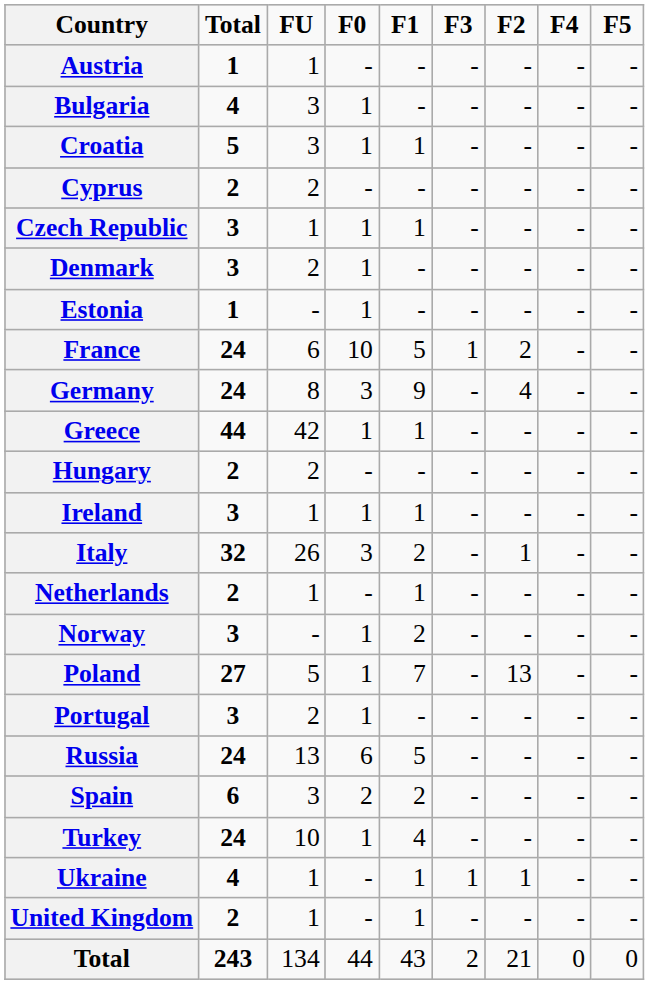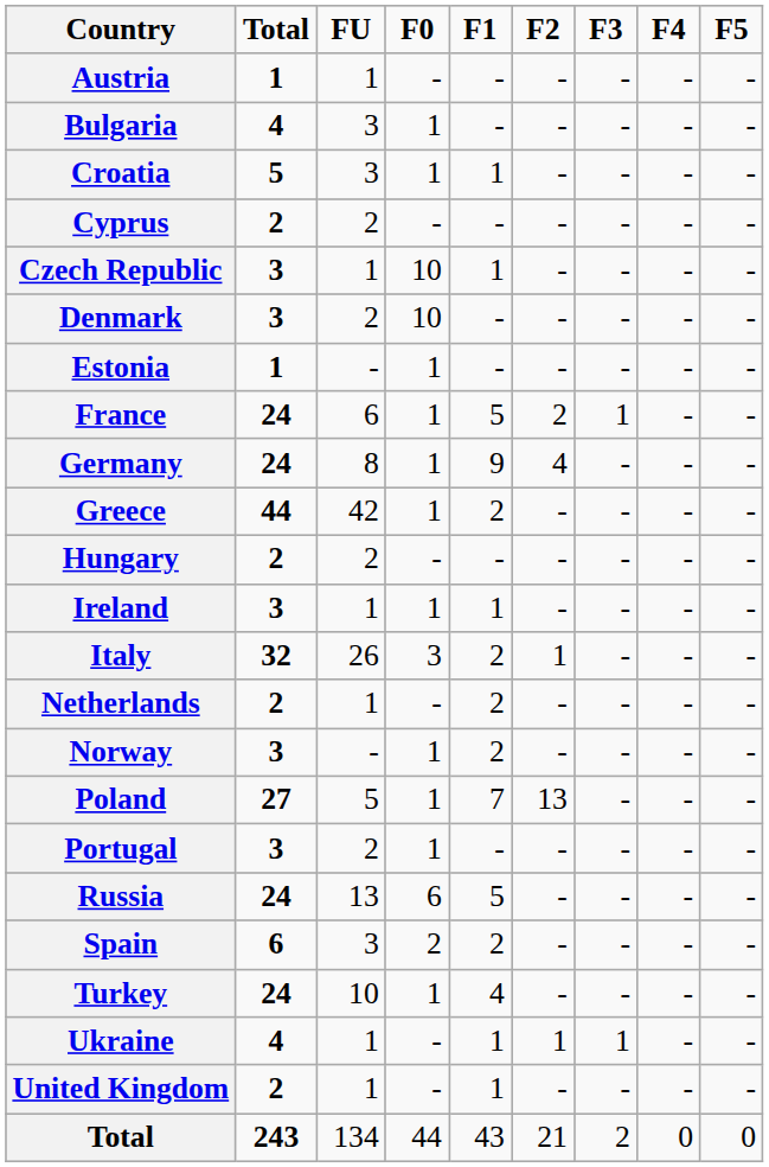 <table class="wikitable" style="margin:0.5em auto">
 <tr>
 <th><strong>Country</strong></th>
 <td><strong>Total</strong></td>
 <td><strong> FU </strong></td>
 <td><strong> F0 </strong></td>
 <td><strong> F1 </strong></td>
+<td><strong> F2 </strong></td>
 <td><strong> F3 </strong></td>
-<td><strong> F2 </strong></td>
 <td><strong> F4 </strong></td>
 <td><strong> F5 </strong></td>
 </tr>
 <tr>
 <th><a href='#'>Austria</a></th>
 <td align="center"><strong>1</strong></td>
 <td align="right">1</td>
 <td align="right">-</td>
 <td align="right">-</td>
 <td align="right">-</td>
 <td align="right">-</td>
 <td align="right">-</td>
 <td align="right">-</td>
 </tr>
 <tr>
 <th><a href='#'>Bulgaria</a></th>
 <td align="center"><strong>4</strong></td>
 <td align="right">3</td>
 <td align="right">1</td>
 <td align="right">-</td>
 <td align="right">-</td>
 <td align="right">-</td>
 <td align="right">-</td>
 <td align="right">-</td>
 </tr>
 <tr>
 <th><a href='#'>Croatia</a></th>
 <td align="center"><strong>5</strong></td>
 <td align="right">3</td>
 <td align="right">1</td>
 <td align="right">1</td>
 <td align="right">-</td>
 <td align="right">-</td>
 <td align="right">-</td>
 <td align="right">-</td>
 </tr>
 <tr>
 <th><a href='#'>Cyprus</a></th>
 <td align="center"><strong>2</strong></td>
 <td align="right">2</td>
 <td align="right">-</td>
 <td align="right">-</td>
 <td align="right">-</td>
 <td align="right">-</td>
 <td align="right">-</td>
 <td align="right">-</td>
 </tr>
 <tr>
 <th><a href='#'>Czech Republic</a></th>
 <td align="center"><strong>3</strong></td>
 <td align="right">1</td>
-<td align="right">1</td>
+<td align="right">10</td>
 <td align="right">1</td>
 <td align="right">-</td>
 <td align="right">-</td>
 <td align="right">-</td>
 <td align="right">-</td>
 </tr>
 <tr>
 <th><a href='#'>Denmark</a></th>
 <td align="center"><strong>3</strong></td>
 <td align="right">2</td>
-<td align="right">1</td>
+<td align="right">10</td>
 <td align="right">-</td>
 <td align="right">-</td>
 <td align="right">-</td>
 <td align="right">-</td>
 <td align="right">-</td>
 </tr>
 <tr>
 <th><a href='#'>Estonia</a></th>
 <td align="center"><strong>1</strong></td>
 <td align="right">-</td>
 <td align="right">1</td>
 <td align="right">-</td>
 <td align="right">-</td>
 <td align="right">-</td>
 <td align="right">-</td>
 <td align="right">-</td>
 </tr>
 <tr>
 <th><a href='#'>France</a></th>
 <td align="center"><strong>24</strong></td>
 <td align="right">6</td>
-<td align="right">10</td>
+<td align="right">1</td>
 <td align="right">5</td>
+<td align="right">2</td>
 <td align="right">1</td>
-<td align="right">2</td>
 <td align="right">-</td>
 <td align="right">-</td>
 </tr>
 <tr>
 <th><a href='#'>Germany</a></th>
 <td align="center"><strong>24</strong></td>
 <td align="right">8</td>
-<td align="right">3</td>
+<td align="right">1</td>
 <td align="right">9</td>
+<td align="right">4</td>
 <td align="right">-</td>
-<td align="right">4</td>
 <td align="right">-</td>
 <td align="right">-</td>
 </tr>
 <tr>
 <th><a href='#'>Greece</a></th>
 <td align="center"><strong>44</strong></td>
 <td align="right">42</td>
 <td align="right">1</td>
-<td align="right">1</td>
+<td align="right">2</td>
 <td align="right">-</td>
 <td align="right">-</td>
 <td align="right">-</td>
 <td align="right">-</td>
 </tr>
 <tr>
 <th><a href='#'>Hungary</a></th>
 <td align="center"><strong>2</strong></td>
 <td align="right">2</td>
 <td align="right">-</td>
 <td align="right">-</td>
 <td align="right">-</td>
 <td align="right">-</td>
 <td align="right">-</td>
 <td align="right">-</td>
 </tr>
 <tr>
 <th><a href='#'>Ireland</a></th>
 <td align="center"><strong>3</strong></td>
 <td align="right">1</td>
 <td align="right">1</td>
 <td align="right">1</td>
 <td align="right">-</td>
 <td align="right">-</td>
 <td align="right">-</td>
 <td align="right">-</td>
 </tr>
 <tr>
 <th><a href='#'>Italy</a></th>
 <td align="center"><strong>32</strong></td>
 <td align="right">26</td>
 <td align="right">3</td>
 <td align="right">2</td>
+<td align="right">1</td>
 <td align="right">-</td>
-<td align="right">1</td>
 <td align="right">-</td>
 <td align="right">-</td>
 </tr>
 <tr>
 <th><a href='#'>Netherlands</a></th>
 <td align="center"><strong>2</strong></td>
 <td align="right">1</td>
 <td align="right">-</td>
-<td align="right">1</td>
+<td align="right">2</td>
 <td align="right">-</td>
 <td align="right">-</td>
 <td align="right">-</td>
 <td align="right">-</td>
 </tr>
 <tr>
 <th><a href='#'>Norway</a></th>
 <td align="center"><strong>3</strong></td>
 <td align="right">-</td>
 <td align="right">1</td>
 <td align="right">2</td>
 <td align="right">-</td>
 <td align="right">-</td>
 <td align="right">-</td>
 <td align="right">-</td>
 </tr>
 <tr>
 <th><a href='#'>Poland</a></th>
 <td align="center"><strong>27</strong></td>
 <td align="right">5</td>
 <td align="right">1</td>
 <td align="right">7</td>
+<td align="right">13</td>
 <td align="right">-</td>
-<td align="right">13</td>
 <td align="right">-</td>
 <td align="right">-</td>
 </tr>
 <tr>
 <th><a href='#'>Portugal</a></th>
 <td align="center"><strong>3</strong></td>
 <td align="right">2</td>
 <td align="right">1</td>
 <td align="right">-</td>
 <td align="right">-</td>
 <td align="right">-</td>
 <td align="right">-</td>
 <td align="right">-</td>
 </tr>
 <tr>
 <th><a href='#'>Russia</a></th>
 <td align="center"><strong>24</strong></td>
 <td align="right">13</td>
 <td align="right">6</td>
 <td align="right">5</td>
 <td align="right">-</td>
 <td align="right">-</td>
 <td align="right">-</td>
 <td align="right">-</td>
 </tr>
 <tr>
 <th><a href='#'>Spain</a></th>
 <td align="center"><strong>6</strong></td>
 <td align="right">3</td>
 <td align="right">2</td>
 <td align="right">2</td>
 <td align="right">-</td>
 <td align="right">-</td>
 <td align="right">-</td>
 <td align="right">-</td>
 </tr>
 <tr>
 <th><a href='#'>Turkey</a></th>
 <td align="center"><strong>24</strong></td>
 <td align="right">10</td>
 <td align="right">1</td>
 <td align="right">4</td>
 <td align="right">-</td>
 <td align="right">-</td>
 <td align="right">-</td>
 <td align="right">-</td>
 </tr>
 <tr>
 <th><a href='#'>Ukraine</a></th>
 <td align="center"><strong>4</strong></td>
 <td align="right">1</td>
 <td align="right">-</td>
 <td align="right">1</td>
 <td align="right">1</td>
 <td align="right">1</td>
 <td align="right">-</td>
 <td align="right">-</td>
 </tr>
 <tr>
 <th><a href='#'>United Kingdom</a></th>
 <td align="center"><strong>2</strong></td>
 <td align="right">1</td>
 <td align="right">-</td>
 <td align="right">1</td>
 <td align="right">-</td>
 <td align="right">-</td>
 <td align="right">-</td>
 <td align="right">-</td>
 </tr>
 <tr>
 <th>Total</th>
 <td align="center"><strong>243</strong></td>
 <td align="right">134</td>
 <td align="right">44</td>
 <td align="right">43</td>
+<td align="right">21</td>
 <td align="right">2</td>
-<td align="right">21</td>
 <td align="right">0</td>
 <td align="right">0</td>
 </tr>
 </table>
